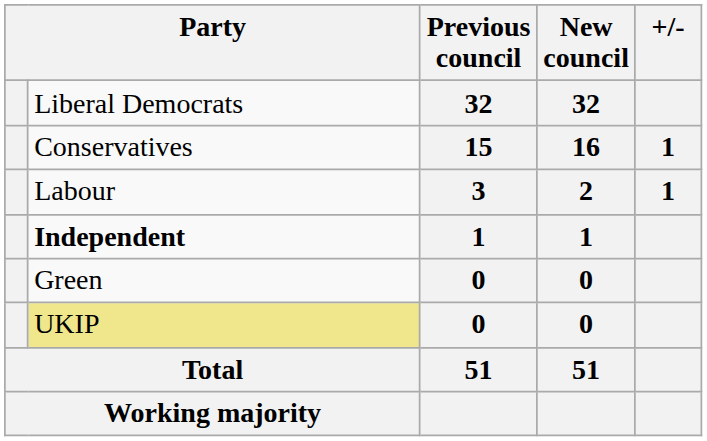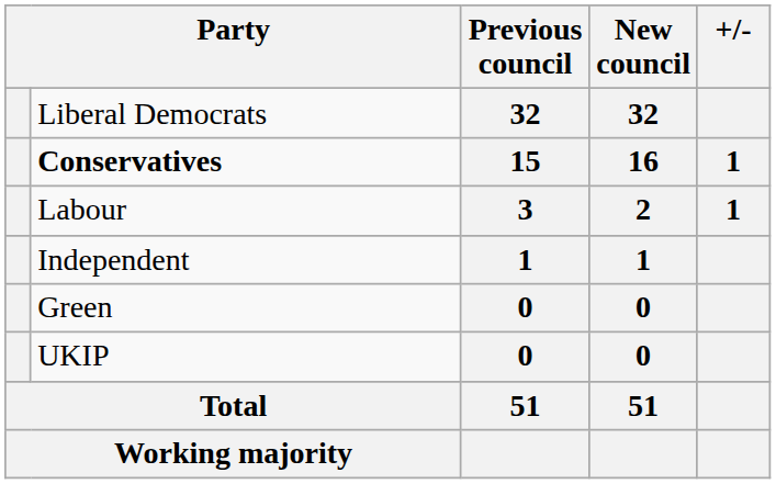 <table class="wikitable">
 <tr>
 <th valign=top colspan="2" style="width: 230px">Party</th>
 <th valign=top style="width: 30px">Previous council</th>
 <th valign=top style="width: 30px">New council</th>
 <th valign=top style="width: 30px">+/-</th>
 </tr>
 <tr>
 <th style="background-color: "></th>
 <td>Liberal Democrats</td>
 <th align=center>32</th>
 <th align=center>32</th>
 <th align=center></th>
 </tr>
 <tr>
 <th style="background-color: "></th>
-<td>Conservatives</td>
+<td><strong>Conservatives</strong></td>
 <th align=center>15</th>
 <th align=center>16</th>
 <th align=center>1</th>
 </tr>
 <tr>
 <th style="background-color: "></th>
 <td>Labour</td>
 <th align=center>3</th>
 <th align=center>2</th>
 <th align=center>1</th>
 </tr>
 <tr>
 <th style="background-color: "></th>
-<td><strong>Independent</strong></td>
+<td>Independent</td>
 <th align=center>1</th>
 <th align=center>1</th>
 <th align=center></th>
 </tr>
 <tr>
 <th style="background-color: "></th>
 <td>Green</td>
 <th align=center>0</th>
 <th align=center>0</th>
 <th align=center></th>
 </tr>
 <tr>
 <th style="background-color: "></th>
-<td style="background: khaki;">UKIP</td>
+<td>UKIP</td>
 <th align=center>0</th>
 <th align=center>0</th>
 <th align=center></th>
 </tr>
 <tr>
 <th colspan=2>Total</th>
 <th style="text-align: center">51</th>
 <th style="text-align: center">51</th>
 <th></th>
 </tr>
 <tr>
 <th colspan=2>Working majority</th>
 <th></th>
 <th></th>
 <th></th>
 </tr>
 </table>
